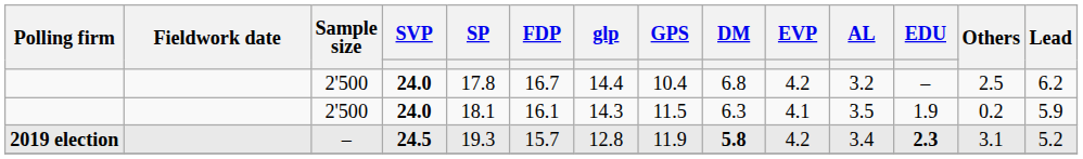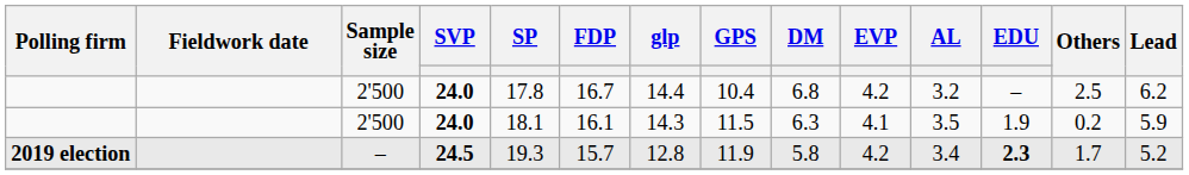 <table class="wikitable sortable" style="text-align:center;font-size:90%;line-height:14px;">
 <tr style="height:40px;">
 <th style="width:80px;" rowspan="2">Polling firm</th>
 <th style="width:130px;" rowspan="2">Fieldwork date</th>
 <th style="width:35px;" rowspan="2">Sample<br>size</th>
 <th class="unsortable" style="width:40px;"><a href='#'>SVP</a></th>
 <th class="unsortable" style="width:40px;"><a href='#'>SP</a></th>
 <th class="unsortable" style="width:40px;"><a href='#'>FDP</a></th>
 <th class="unsortable" style="width:40px;"><a href='#'>glp</a></th>
 <th class="unsortable" style="width:40px;"><a href='#'>GPS</a></th>
 <th class="unsortable" style="width:40px;"><a href='#'>DM</a></th>
 <th class="unsortable" style="width:40px;"><a href='#'>EVP</a></th>
 <th class="unsortable" style="width:40px;"><a href='#'>AL</a></th>
 <th class="unsortable" style="width:40px;"><a href='#'>EDU</a></th>
 <th class="unsortable" style="width:30px;" rowspan="2">Others</th>
 <th style="width:30px;" rowspan="2">Lead</th>
 </tr>
 <tr>
 <th style="background:"></th>
 <th style="background:"></th>
 <th style="background:"></th>
 <th style="background:"></th>
 <th style="background:"></th>
 <th style="background:"></th>
 <th style="background:"></th>
 <th style="background:"></th>
 <th style="background:"></th>
 </tr>
 <tr>
 <td></td>
 <td></td>
 <td>2'500</td>
 <td style="background:#"><strong>24.0</strong></td>
 <td>17.8</td>
 <td>16.7</td>
 <td>14.4</td>
 <td>10.4</td>
 <td>6.8</td>
 <td>4.2</td>
 <td>3.2</td>
 <td>–</td>
 <td>2.5</td>
 <td style="background:">6.2</td>
 </tr>
 <tr>
 <td></td>
 <td></td>
 <td>2'500</td>
 <td style="background:#"><strong>24.0</strong></td>
 <td>18.1</td>
 <td>16.1</td>
 <td>14.3</td>
 <td>11.5</td>
 <td>6.3</td>
 <td>4.1</td>
 <td>3.5</td>
 <td>1.9</td>
 <td>0.2</td>
 <td style="background:">5.9</td>
 </tr>
 <tr style="background:#E9E9E9;">
 <td><strong>2019 election</strong></td>
 <td></td>
 <td>–</td>
 <td style="background:#"><strong>24.5</strong></td>
 <td>19.3</td>
 <td>15.7</td>
 <td>12.8</td>
 <td>11.9</td>
-<td><strong>5.8</strong></td>
+<td>5.8</td>
 <td>4.2</td>
 <td>3.4</td>
 <td><strong>2.3</strong></td>
-<td>3.1</td>
+<td>1.7</td>
 <td style="background:">5.2</td>
 </tr>
 <tr>
 </tr>
 </table>
